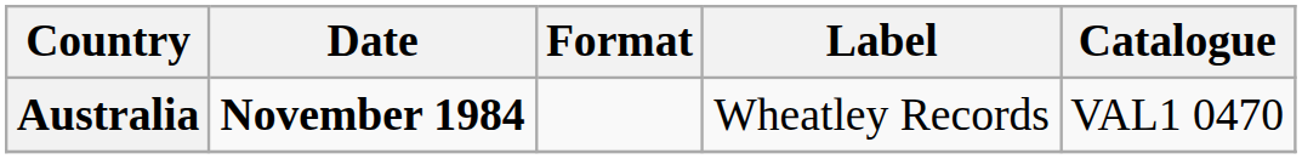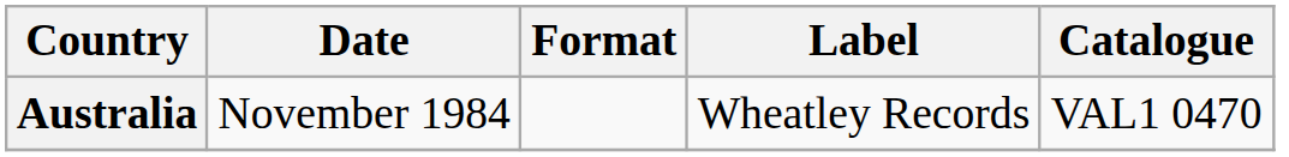 <table class="wikitable plainrowheaders">
 <tr>
 <th scope="col">Country</th>
 <th scope="col">Date</th>
 <th scope="col">Format</th>
 <th scope="col">Label</th>
 <th scope="col">Catalogue</th>
 </tr>
 <tr>
 <th scope="row">Australia</th>
-<td><strong>November 1984</strong></td>
+<td>November 1984</td>
 <td></td>
 <td>Wheatley Records</td>
 <td>VAL1 0470</td>
 </tr>
 <tr>
 </tr>
 </table>
